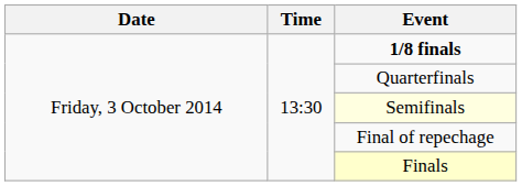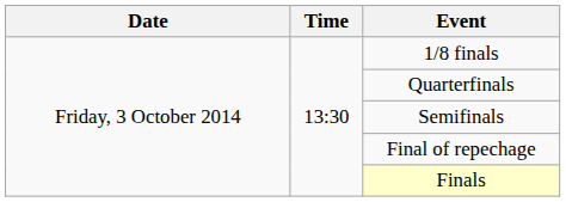 <table class = "wikitable" style="text-align:center;">
 <tr>
 <th width=220>Date</th>
 <th width=50>Time</th>
 <th width=150>Event</th>
 </tr>
 <tr>
 <td rowspan=5>Friday, 3 October 2014</td>
 <td rowspan=5>13:30</td>
-<td><strong>1/8 finals</strong></td>
+<td>1/8 finals</td>
 </tr>
 <tr>
 <td>Quarterfinals</td>
 </tr>
 <tr>
-<td style="background: lightyellow;">Semifinals</td>
+<td>Semifinals</td>
 </tr>
 <tr>
 <td>Final of repechage</td>
 </tr>
 <tr>
 <td bgcolor=ffffcc>Finals</td>
 </tr>
 </table>
